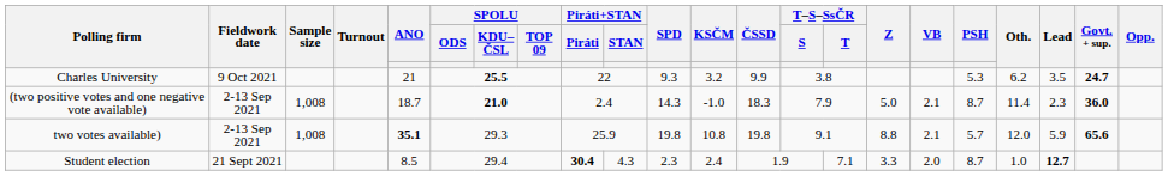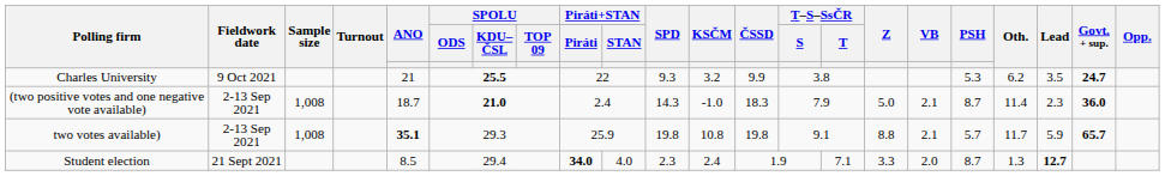 <table class="wikitable mw-collapsible sortable" style="text-align:center;font-size:90%;line-height:14px;">
 <tr>
 <th rowspan="3">Polling firm</th>
 <th rowspan="3">Fieldwork<br>date</th>
 <th rowspan="3">Sample<br>size</th>
 <th rowspan="3">Turnout</th>
 <th rowspan="2" class="unsortable" style="width:40px;"><a href='#'>ANO</a></th>
 <th colspan="3" class="unsortable" style="width:40px;"><a href='#'>SPOLU</a></th>
 <th colspan="2" class="unsortable" style="width:40px;"><a href='#'>Piráti+STAN</a></th>
 <th rowspan="2" class="unsortable" style="width:40px;"><a href='#'>SPD</a></th>
 <th rowspan="2" class="unsortable" style="width:40px;"><a href='#'>KSČM</a></th>
 <th rowspan="2" class="unsortable" style="width:40px;"><a href='#'>ČSSD</a></th>
 <th colspan="2" class="unsortable" style="width:40px;"><a href='#'>T</a>–<a href='#'>S</a>–<a href='#'>SsČR</a></th>
 <th rowspan="2" class="unsortable" style="width:40px;"><a href='#'>Z</a></th>
 <th rowspan="2" class="unsortable" style="width:40px;"><a href='#'>VB</a></th>
 <th rowspan="2" class="unsortable" style="width:40px;"><a href='#'>PSH</a></th>
 <th rowspan="3" style="width:40px;">Oth.</th>
 <th rowspan="3" style="width:25px;">Lead</th>
 <th rowspan="3" style="width:40px;"><a href='#'>Govt.</a><br><small>+ sup.</small></th>
 <th rowspan="3" style="width:40px;"><a href='#'>Opp.</a></th>
 </tr>
 <tr style="height:40px;">
 <th class="unsortable" style="width:40px;"><a href='#'>ODS</a></th>
 <th class="unsortable" style="width:40px;"><a href='#'>KDU–<br>ČSL</a></th>
 <th class="unsortable" style="width:40px;"><a href='#'>TOP 09</a></th>
 <th class="unsortable" style="width:40px;"><a href='#'>Piráti</a></th>
 <th class="unsortable" style="width:40px;"><a href='#'>STAN</a></th>
 <th class="unsortable" style="width:40px;"><a href='#'>S</a></th>
 <th class="unsortable" style="width:40px;"><a href='#'>T</a></th>
 </tr>
 <tr>
 <th class="unsortable" style="color:inherit;background:"></th>
 <th class="unsortable" style="color:inherit;background:"></th>
 <th class="unsortable" style="color:inherit;background:"></th>
 <th class="unsortable" style="color:inherit;background:"></th>
 <th class="unsortable" style="color:inherit;background:"></th>
 <th class="unsortable" style="color:inherit;background:"></th>
 <th class="unsortable" style="color:inherit;background:"></th>
 <th class="unsortable" style="color:inherit;background:"></th>
 <th class="unsortable" style="color:inherit;background:"></th>
 <th class="unsortable" style="color:inherit;background:"></th>
 <th class="unsortable" style="color:inherit;background:"></th>
 <th class="unsortable" style="color:inherit;background:"></th>
 <th class="unsortable" style="background:"></th>
 <th class="unsortable" style="color:inherit;background:"></th>
 </tr>
 <tr>
 <td>Charles University</td>
 <td>9 Oct 2021</td>
 <td></td>
 <td></td>
 <td>21</td>
 <td colspan="3" ><strong>25.5</strong></td>
 <td colspan="2">22</td>
 <td>9.3</td>
 <td>3.2</td>
 <td>9.9</td>
 <td colspan="2">3.8</td>
 <td></td>
 <td></td>
 <td>5.3</td>
 <td>6.2</td>
 <td style="background:">3.5</td>
 <td><strong>24.7</strong></td>
 <td></td>
 </tr>
 <tr>
 <td> (two positive votes and one negative vote available)</td>
 <td>2-13 Sep 2021</td>
 <td>1,008</td>
 <td></td>
 <td>18.7</td>
 <td colspan="3"><strong>21.0</strong></td>
 <td colspan="2">2.4</td>
 <td>14.3</td>
 <td>-1.0</td>
 <td>18.3</td>
 <td colspan="2">7.9</td>
 <td>5.0</td>
 <td>2.1</td>
 <td>8.7</td>
 <td>11.4</td>
 <td style="background:">2.3</td>
 <td><strong>36.0</strong></td>
 <td></td>
 </tr>
 <tr>
 <td> two votes available)</td>
 <td>2-13 Sep 2021</td>
 <td>1,008</td>
 <td></td>
 <td><strong>35.1</strong></td>
 <td colspan="3">29.3</td>
 <td colspan="2">25.9</td>
 <td>19.8</td>
 <td>10.8</td>
 <td>19.8</td>
 <td colspan="2">9.1</td>
 <td>8.8</td>
 <td>2.1</td>
 <td>5.7</td>
-<td>12.0</td>
+<td>11.7</td>
 <td style="background:">5.9</td>
-<td><strong>65.6</strong></td>
+<td><strong>65.7</strong></td>
 <td></td>
 </tr>
 <tr>
 <td>Student election</td>
 <td>21 Sept 2021</td>
 <td></td>
 <td></td>
 <td>8.5</td>
 <td colspan="3">29.4</td>
-<td><strong>30.4</strong></td>
-<td>4.3</td>
+<td><strong>34.0</strong></td>
+<td>4.0</td>
 <td>2.3</td>
 <td>2.4</td>
 <td colspan="2">1.9</td>
 <td>7.1</td>
 <td>3.3</td>
 <td>2.0</td>
 <td>8.7</td>
-<td style="background:">1.0</td>
+<td style="background:">1.3</td>
 <td><strong>12.7</strong></td>
 <td></td>
 </tr>
 </table>
